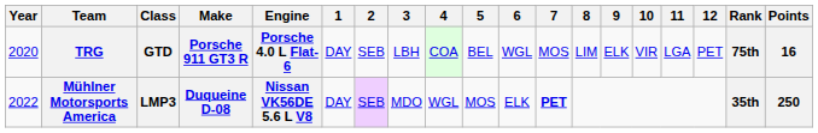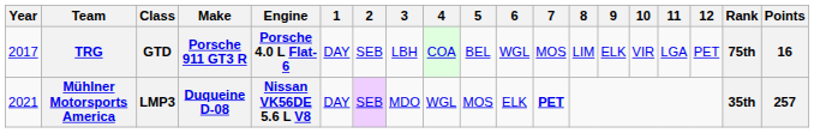 <table class="wikitable" style="text-align:center; font-size:90%">
 <tr>
 <th>Year</th>
 <th>Team</th>
 <th>Class</th>
 <th>Make</th>
 <th>Engine</th>
 <th>1</th>
 <th>2</th>
 <th>3</th>
 <th>4</th>
 <th>5</th>
 <th>6</th>
 <th>7</th>
 <th>8</th>
 <th>9</th>
 <th>10</th>
 <th>11</th>
 <th>12</th>
 <th>Rank</th>
 <th>Points</th>
 </tr>
 <tr>
-<td><a href='#'>2020</a></td>
+<td><a href='#'>2017</a></td>
 <th><a href='#'>TRG</a></th>
 <th>GTD</th>
 <th><a href='#'>Porsche 911 GT3 R</a></th>
 <th><a href='#'>Porsche</a> 4.0 L <a href='#'>Flat-6</a></th>
 <td style="background:#;"><a href='#'>DAY</a><br></td>
 <td style="background:#;"><a href='#'>SEB</a><br></td>
 <td style="background:#;"><a href='#'>LBH</a><br></td>
 <td style="background:#DFFFDF;"><a href='#'>COA</a><br></td>
 <td style="background:#;"><a href='#'>BEL</a><br></td>
 <td style="background:#;"><a href='#'>WGL</a><br></td>
 <td style="background:#;"><a href='#'>MOS</a><br></td>
 <td style="background:#;"><a href='#'>LIM</a><br></td>
 <td style="background:#;"><a href='#'>ELK</a><br></td>
 <td style="background:#;"><a href='#'>VIR</a><br></td>
 <td style="background:#;"><a href='#'>LGA</a><br></td>
 <td style="background:#;"><a href='#'>PET</a><br></td>
 <th>75th</th>
 <th>16</th>
 </tr>
 <tr>
-<td><a href='#'>2022</a></td>
+<td><a href='#'>2021</a></td>
 <th><a href='#'>Mühlner Motorsports America</a></th>
 <th>LMP3</th>
 <th><a href='#'>Duqueine D-08</a></th>
 <th><a href='#'>Nissan VK56DE</a> 5.6 L <a href='#'>V8</a></th>
 <td style="background:#;”"><a href='#'>DAY</a><br></td>
 <td style="background:#EFCFFF;"><a href='#'>SEB</a><br></td>
 <td style="background:#;”"><a href='#'>MDO</a><br></td>
 <td style="background:#;"><a href='#'>WGL</a><br></td>
 <td style="background:#;"><a href='#'>MOS</a><br></td>
 <td style="background:#;"><a href='#'>ELK</a><br></td>
 <td style="background:#;"><strong><a href='#'>PET</a><br></strong></td>
 <td colspan=5></td>
 <th>35th</th>
-<th>250</th>
+<th>257</th>
 </tr>
 </table>
